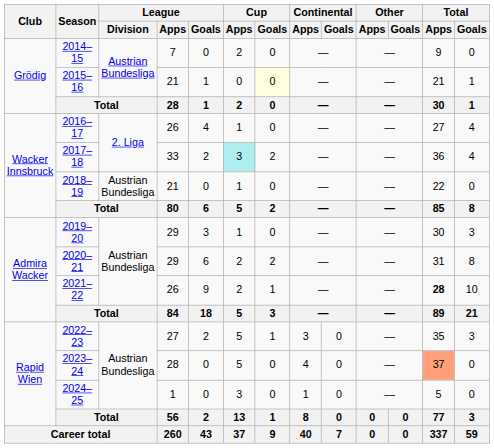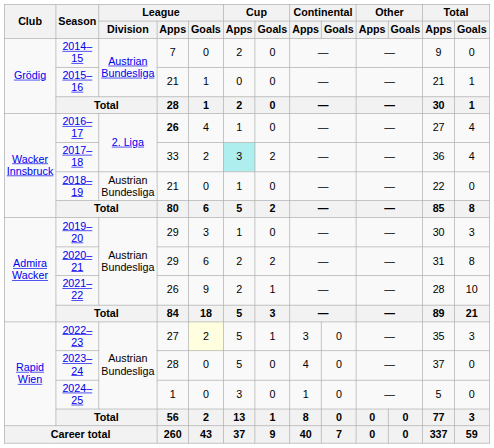 <table class="wikitable" style="text-align:center">
 <tr>
 <th rowspan="2">Club</th>
 <th rowspan="2">Season</th>
 <th colspan="3">League</th>
 <th colspan="2">Cup</th>
 <th colspan="2">Continental</th>
 <th colspan="2">Other</th>
 <th colspan="2">Total</th>
 </tr>
 <tr>
 <th>Division</th>
 <th>Apps</th>
 <th>Goals</th>
 <th>Apps</th>
 <th>Goals</th>
 <th>Apps</th>
 <th>Goals</th>
 <th>Apps</th>
 <th>Goals</th>
 <th>Apps</th>
 <th>Goals</th>
 </tr>
 <tr>
 <td rowspan="3"><a href='#'>Grödig</a></td>
 <td><a href='#'>2014–15</a></td>
 <td rowspan="2"><a href='#'>Austrian Bundesliga</a></td>
 <td>7</td>
 <td>0</td>
 <td>2</td>
 <td>0</td>
 <td colspan="2">—</td>
 <td colspan="2">—</td>
 <td>9</td>
 <td>0</td>
 </tr>
 <tr>
 <td><a href='#'>2015–16</a></td>
 <td>21</td>
 <td>1</td>
 <td>0</td>
-<td style="background: lightyellow;">0</td>
+<td>0</td>
 <td colspan="2">—</td>
 <td colspan="2">—</td>
 <td>21</td>
 <td>1</td>
 </tr>
 <tr>
 <th colspan="2">Total</th>
 <th>28</th>
 <th>1</th>
 <th>2</th>
 <th>0</th>
 <th colspan="2">—</th>
 <th colspan="2">—</th>
 <th>30</th>
 <th>1</th>
 </tr>
 <tr>
 <td rowspan="4"><a href='#'>Wacker Innsbruck</a></td>
 <td><a href='#'>2016–17</a></td>
 <td rowspan="2"><a href='#'>2. Liga</a></td>
-<td>26</td>
+<td><strong>26</strong></td>
 <td>4</td>
 <td>1</td>
 <td>0</td>
 <td colspan="2">—</td>
 <td colspan="2">—</td>
 <td>27</td>
 <td>4</td>
 </tr>
 <tr>
 <td><a href='#'>2017–18</a></td>
 <td>33</td>
 <td>2</td>
 <td style="background: paleturquoise;">3</td>
 <td>2</td>
 <td colspan="2">—</td>
 <td colspan="2">—</td>
 <td>36</td>
 <td>4</td>
 </tr>
 <tr>
 <td><a href='#'>2018–19</a></td>
 <td>Austrian Bundesliga</td>
 <td>21</td>
 <td>0</td>
 <td>1</td>
 <td>0</td>
 <td colspan="2">—</td>
 <td colspan="2">—</td>
 <td>22</td>
 <td>0</td>
 </tr>
 <tr>
 <th colspan="2">Total</th>
 <th>80</th>
 <th>6</th>
 <th>5</th>
 <th>2</th>
 <th colspan="2">—</th>
 <th colspan="2">—</th>
 <th>85</th>
 <th>8</th>
 </tr>
 <tr>
 <td rowspan="4"><a href='#'>Admira Wacker</a></td>
 <td><a href='#'>2019–20</a></td>
 <td rowspan="3">Austrian Bundesliga</td>
 <td>29</td>
 <td>3</td>
 <td>1</td>
 <td>0</td>
 <td colspan="2">—</td>
 <td colspan="2">—</td>
 <td>30</td>
 <td>3</td>
 </tr>
 <tr>
 <td><a href='#'>2020–21</a></td>
 <td>29</td>
 <td>6</td>
 <td>2</td>
 <td>2</td>
 <td colspan="2">—</td>
 <td colspan="2">—</td>
 <td>31</td>
 <td>8</td>
 </tr>
 <tr>
 <td><a href='#'>2021–22</a></td>
 <td>26</td>
 <td>9</td>
 <td>2</td>
 <td>1</td>
 <td colspan="2">—</td>
 <td colspan="2">—</td>
-<td><strong>28</strong></td>
+<td>28</td>
 <td>10</td>
 </tr>
 <tr>
 <th colspan="2">Total</th>
 <th>84</th>
 <th>18</th>
 <th>5</th>
 <th>3</th>
 <th colspan="2">—</th>
 <th colspan="2">—</th>
 <th>89</th>
 <th>21</th>
 </tr>
 <tr>
 <td rowspan="4"><a href='#'>Rapid Wien</a></td>
 <td><a href='#'>2022–23</a></td>
 <td rowspan="3">Austrian Bundesliga</td>
 <td>27</td>
-<td>2</td>
+<td style="background: lightyellow;">2</td>
 <td>5</td>
 <td>1</td>
 <td>3</td>
 <td>0</td>
 <td colspan="2">—</td>
 <td>35</td>
 <td>3</td>
 </tr>
 <tr>
 <td><a href='#'>2023–24</a></td>
 <td>28</td>
 <td>0</td>
 <td>5</td>
 <td>0</td>
 <td>4</td>
 <td>0</td>
 <td colspan="2">—</td>
-<td style="background: lightsalmon;">37</td>
+<td>37</td>
 <td>0</td>
 </tr>
 <tr>
 <td><a href='#'>2024–25</a></td>
 <td>1</td>
 <td>0</td>
 <td>3</td>
 <td>0</td>
 <td>1</td>
 <td>0</td>
 <td colspan="2">—</td>
 <td>5</td>
 <td>0</td>
 </tr>
 <tr>
 <th colspan="2">Total</th>
 <th>56</th>
 <th>2</th>
 <th>13</th>
 <th>1</th>
 <th>8</th>
 <th>0</th>
 <th>0</th>
 <th>0</th>
 <th>77</th>
 <th>3</th>
 </tr>
 <tr>
 <th colspan="3">Career total</th>
 <th>260</th>
 <th>43</th>
 <th>37</th>
 <th>9</th>
 <th>40</th>
 <th>7</th>
 <th>0</th>
 <th>0</th>
 <th>337</th>
 <th>59</th>
 </tr>
 </table>
